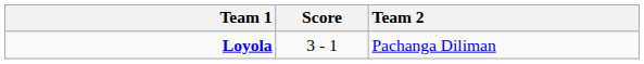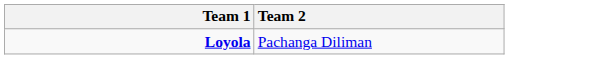 <table class="wikitable" style="align:center">
 <tr>
 <th width=250 style="text-align:right">Team 1</th>
-<th width=80 style="text-align:center">Score</th>
 <th width=250 style="text-align:left">Team 2</th>
 </tr>
 <tr>
 <td align="right"><strong><a href='#'>Loyola</a></strong></td>
-<td align="center">3 - 1</td>
 <td><a href='#'>Pachanga Diliman</a></td>
 </tr>
 </table>
